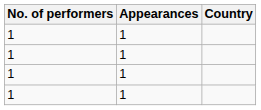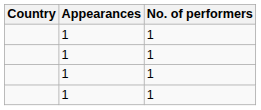 <table class="wikitable plainrowheaders">
 <tr>
+<th scope="col">Country</th>
+<th scope="col">Appearances</th>
 <th scope="col">No. of performers</th>
-<th scope="col">Appearances</th>
-<th scope="col">Country</th>
 </tr>
 <tr>
+<td></td>
 <td>1</td>
 <td>1</td>
-<td></td>
 </tr>
 <tr>
+<td></td>
 <td>1</td>
 <td>1</td>
-<td></td>
 </tr>
 <tr>
+<td></td>
 <td>1</td>
 <td>1</td>
-<td></td>
 </tr>
 <tr>
+<td></td>
 <td>1</td>
 <td>1</td>
-<td></td>
 </tr>
 </table>
